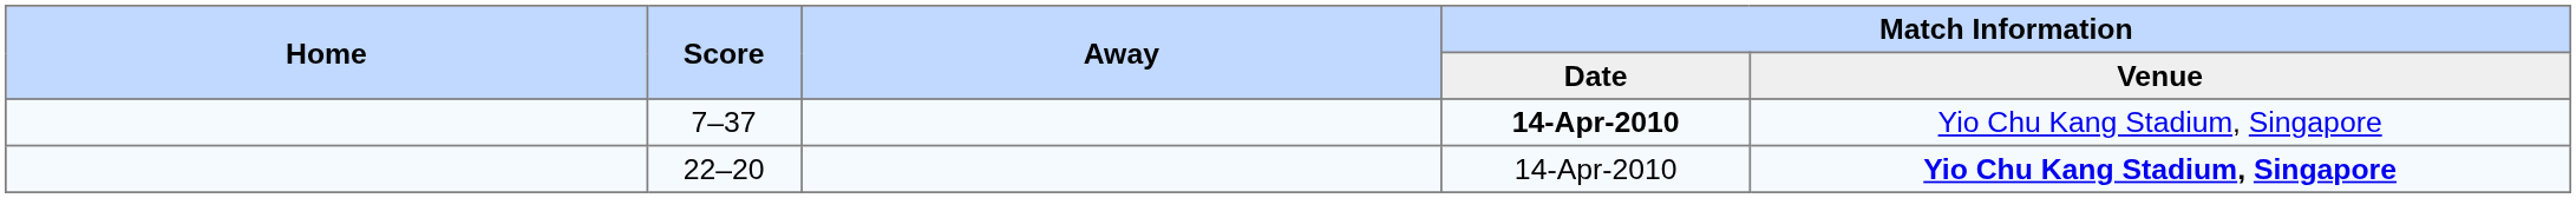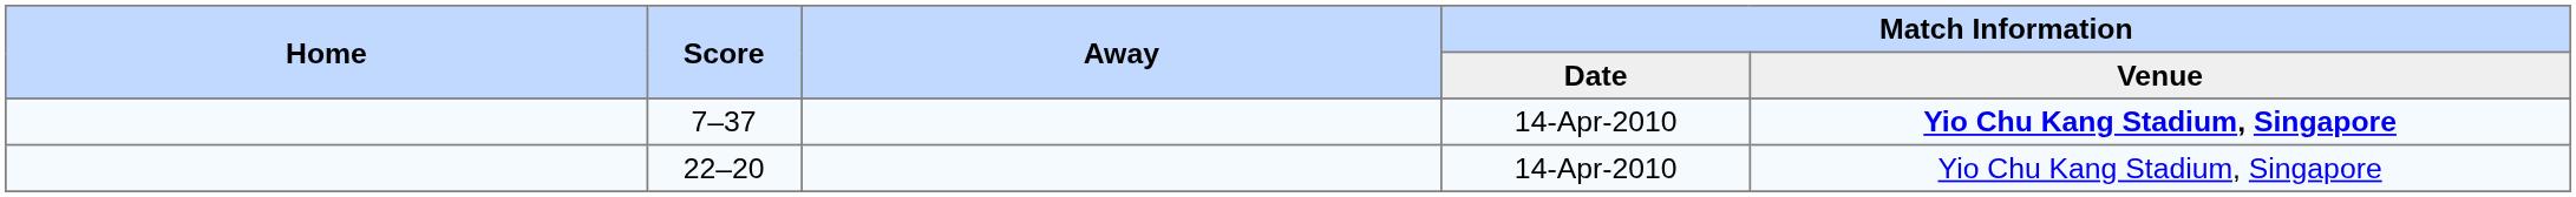 <table border=1 style="border-collapse:collapse; font-size:90%; text-align:center;" cellpadding=3 cellspacing=0 width=100%>
 <tr bgcolor=#C1D8FF>
 <th rowspan=2 width=25%>Home</th>
 <th rowspan=2 width=6%>Score</th>
 <th rowspan=2 width=25%>Away</th>
 <th colspan=6>Match Information</th>
 </tr>
 <tr bgcolor=#EFEFEF>
 <th width=12%>Date</th>
 <th width=32%>Venue</th>
 </tr>
 <tr bgcolor=#F5FAFF>
 <td align=right></td>
 <td>7–37</td>
 <td align=left><strong></strong></td>
-<td><strong>14-Apr-2010</strong></td>
-<td><a href='#'>Yio Chu Kang Stadium</a>, <a href='#'>Singapore</a></td>
+<td>14-Apr-2010</td>
+<td><strong><a href='#'>Yio Chu Kang Stadium</a>, <a href='#'>Singapore</a></strong></td>
 </tr>
 <tr bgcolor=#F5FAFF>
 <td align=right><strong></strong></td>
 <td>22–20</td>
 <td align=left></td>
 <td>14-Apr-2010</td>
-<td><strong><a href='#'>Yio Chu Kang Stadium</a>, <a href='#'>Singapore</a></strong></td>
+<td><a href='#'>Yio Chu Kang Stadium</a>, <a href='#'>Singapore</a></td>
 </tr>
 </table>
